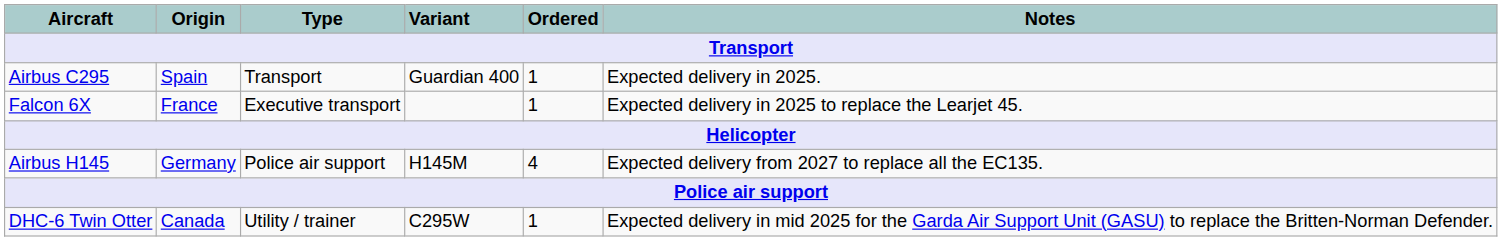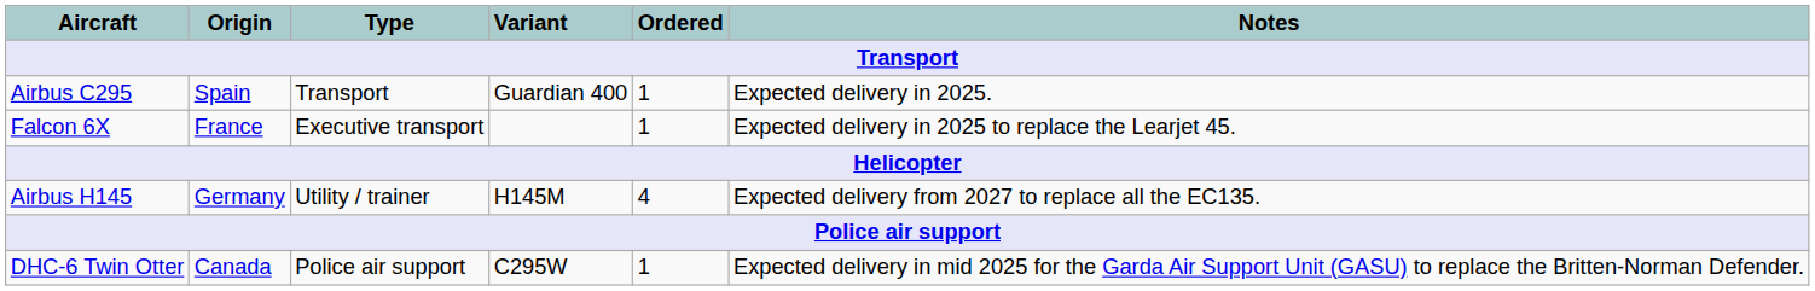 <table class="wikitable">
 <tr>
 <th style="text-align:center; background:#acc;">Aircraft</th>
 <th style="text-align: center; background:#acc;">Origin</th>
 <th style="text-align:l center; background:#acc;">Type</th>
 <th style="text-align:left; background:#acc;">Variant</th>
 <th style="text-align:center; background:#acc;">Ordered</th>
 <th style="text-align: center; background:#acc;">Notes</th>
 </tr>
 <tr>
 <th colspan="7" style="align: center; background: lavender;"><a href='#'>Transport</a></th>
 </tr>
 <tr>
 <td><a href='#'>Airbus C295</a></td>
 <td><a href='#'>Spain</a></td>
 <td>Transport</td>
 <td>Guardian 400</td>
 <td>1</td>
 <td>Expected delivery in 2025.</td>
 </tr>
 <tr>
 <td><a href='#'>Falcon 6X</a></td>
 <td><a href='#'>France</a></td>
 <td>Executive transport</td>
 <td></td>
 <td>1</td>
 <td>Expected delivery in 2025 to replace the Learjet 45.</td>
 </tr>
 <tr>
 <th colspan="7" style="align: center; background: lavender;"><a href='#'>Helicopter</a></th>
 </tr>
 <tr>
 <td><a href='#'>Airbus H145</a></td>
 <td><a href='#'>Germany</a></td>
-<td>Police air support</td>
+<td>Utility / trainer</td>
 <td>H145M</td>
 <td>4</td>
 <td>Expected delivery from 2027 to replace all the EC135.<br> </td>
 </tr>
 <tr>
 <th colspan="7" style="align: center; background: lavender;"><a href='#'>Police air support</a></th>
 </tr>
 <tr>
 <td><a href='#'>DHC-6 Twin Otter</a></td>
 <td><a href='#'>Canada</a></td>
-<td>Utility / trainer</td>
+<td>Police air support</td>
 <td>C295W</td>
 <td>1</td>
 <td>Expected delivery in mid 2025 for the <a href='#'>Garda Air Support Unit (GASU)</a> to replace the Britten-Norman Defender.</td>
 </tr>
 </table>
